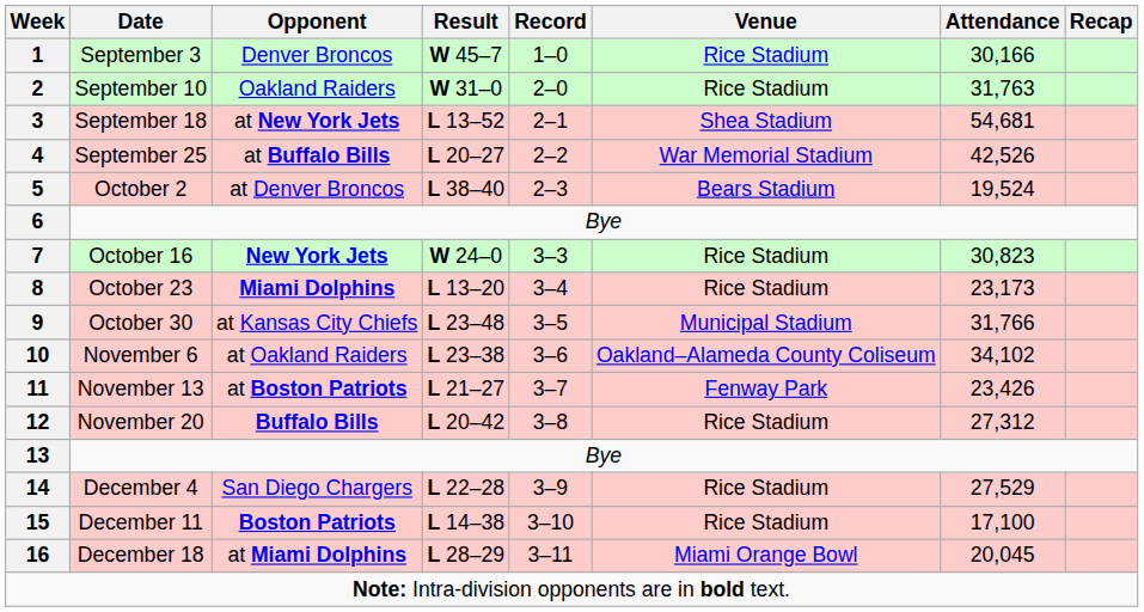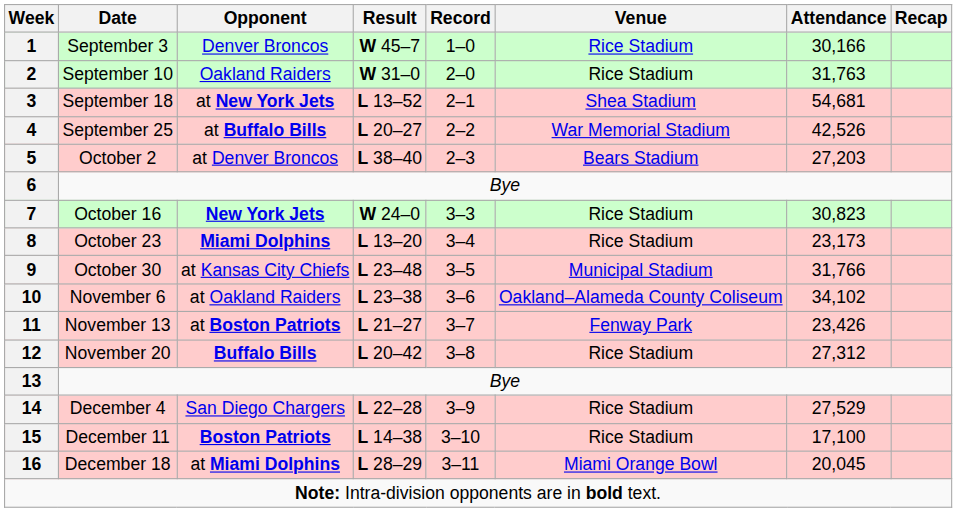 <table class="wikitable" style="text-align:center">
 <tr>
 <th>Week</th>
 <th>Date</th>
 <th>Opponent</th>
 <th>Result</th>
 <th>Record</th>
 <th>Venue</th>
 <th>Attendance</th>
 <th>Recap</th>
 </tr>
 <tr style="background:#cfc">
 <th>1</th>
 <td>September 3</td>
 <td><a href='#'>Denver Broncos</a></td>
 <td><strong>W</strong> 45–7</td>
 <td>1–0</td>
 <td><a href='#'>Rice Stadium</a></td>
 <td>30,166</td>
 <td></td>
 </tr>
 <tr style="background:#cfc">
 <th>2</th>
 <td>September 10</td>
 <td><a href='#'>Oakland Raiders</a></td>
 <td><strong>W</strong> 31–0</td>
 <td>2–0</td>
 <td>Rice Stadium</td>
 <td>31,763</td>
 <td></td>
 </tr>
 <tr style="background:#fcc">
 <th>3</th>
 <td>September 18</td>
 <td>at <strong><a href='#'>New York Jets</a></strong></td>
 <td><strong>L</strong> 13–52</td>
 <td>2–1</td>
 <td><a href='#'>Shea Stadium</a></td>
 <td>54,681</td>
 <td></td>
 </tr>
 <tr style="background:#fcc">
 <th>4</th>
 <td>September 25</td>
 <td>at <strong><a href='#'>Buffalo Bills</a></strong></td>
 <td><strong>L</strong> 20–27</td>
 <td>2–2</td>
 <td><a href='#'>War Memorial Stadium</a></td>
 <td>42,526</td>
 <td></td>
 </tr>
 <tr style="background:#fcc">
 <th>5</th>
 <td>October 2</td>
 <td>at <a href='#'>Denver Broncos</a></td>
 <td><strong>L</strong> 38–40</td>
 <td>2–3</td>
 <td><a href='#'>Bears Stadium</a></td>
-<td>19,524</td>
+<td>27,203</td>
 <td></td>
 </tr>
 <tr>
 <th>6</th>
 <td colspan=7 align="center"><em>Bye</em></td>
 </tr>
 <tr style="background:#cfc">
 <th>7</th>
 <td>October 16</td>
 <td><strong><a href='#'>New York Jets</a></strong></td>
 <td><strong>W</strong> 24–0</td>
 <td>3–3</td>
 <td>Rice Stadium</td>
 <td>30,823</td>
 <td></td>
 </tr>
 <tr style="background:#fcc">
 <th>8</th>
 <td>October 23</td>
 <td><strong><a href='#'>Miami Dolphins</a></strong></td>
 <td><strong>L</strong> 13–20</td>
 <td>3–4</td>
 <td>Rice Stadium</td>
 <td>23,173</td>
 <td></td>
 </tr>
 <tr style="background:#fcc">
 <th>9</th>
 <td>October 30</td>
 <td>at <a href='#'>Kansas City Chiefs</a></td>
 <td><strong>L</strong> 23–48</td>
 <td>3–5</td>
 <td><a href='#'>Municipal Stadium</a></td>
 <td>31,766</td>
 <td></td>
 </tr>
 <tr style="background:#fcc">
 <th>10</th>
 <td>November 6</td>
 <td>at <a href='#'>Oakland Raiders</a></td>
 <td><strong>L</strong> 23–38</td>
 <td>3–6</td>
 <td><a href='#'>Oakland–Alameda County Coliseum</a></td>
 <td>34,102</td>
 <td></td>
 </tr>
 <tr style="background:#fcc">
 <th>11</th>
 <td>November 13</td>
 <td>at <strong><a href='#'>Boston Patriots</a></strong></td>
 <td><strong>L</strong> 21–27</td>
 <td>3–7</td>
 <td><a href='#'>Fenway Park</a></td>
 <td>23,426</td>
 <td></td>
 </tr>
 <tr style="background:#fcc">
 <th>12</th>
 <td>November 20</td>
 <td><strong><a href='#'>Buffalo Bills</a></strong></td>
 <td><strong>L</strong> 20–42</td>
 <td>3–8</td>
 <td>Rice Stadium</td>
 <td>27,312</td>
 <td></td>
 </tr>
 <tr>
 <th>13</th>
 <td colspan=7 align="center"><em>Bye</em></td>
 </tr>
 <tr style="background:#fcc">
 <th>14</th>
 <td>December 4</td>
 <td><a href='#'>San Diego Chargers</a></td>
 <td><strong>L</strong> 22–28</td>
 <td>3–9</td>
 <td>Rice Stadium</td>
 <td>27,529</td>
 <td></td>
 </tr>
 <tr style="background:#fcc">
 <th>15</th>
 <td>December 11</td>
 <td><strong><a href='#'>Boston Patriots</a></strong></td>
 <td><strong>L</strong> 14–38</td>
 <td>3–10</td>
 <td>Rice Stadium</td>
 <td>17,100</td>
 <td></td>
 </tr>
 <tr style="background:#fcc">
 <th>16</th>
 <td>December 18</td>
 <td>at <strong><a href='#'>Miami Dolphins</a></strong></td>
 <td><strong>L</strong> 28–29</td>
 <td>3–11</td>
 <td><a href='#'>Miami Orange Bowl</a></td>
 <td>20,045</td>
 <td></td>
 </tr>
 <tr>
 <td colspan="8"><strong>Note:</strong> Intra-division opponents are in <strong>bold</strong> text.</td>
 </tr>
 </table>
